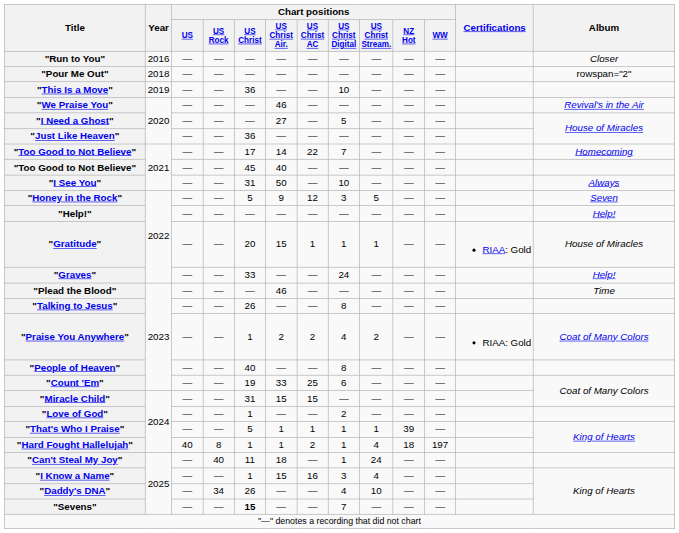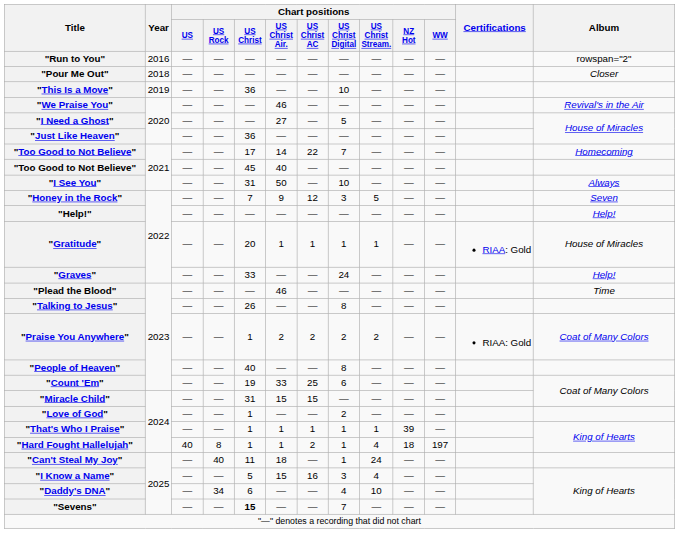 <table class="wikitable plainrowheaders" style="text-align:center;">
 <tr>
 <th scope="col" rowspan="2" style="width:14em;">Title</th>
 <th scope="col" rowspan="2">Year</th>
 <th colspan="9" scope="col">Chart positions</th>
 <th scope="col" rowspan="2"><a href='#'>Certifications</a></th>
 <th scope="col" rowspan="2" style="width:14em;">Album</th>
 </tr>
 <tr style="font-size:smaller;">
 <th scope="col" width="45"><a href='#'>US</a><br></th>
 <th scope="col" width="45"><a href='#'>US<br>Rock</a><br></th>
 <th scope="col" width="45"><a href='#'>US<br>Christ</a><br></th>
 <th scope="col" width="45"><a href='#'>US<br>Christ Air.</a><br></th>
 <th scope="col" width="45"><a href='#'>US<br>Christ AC</a><br></th>
 <th scope="col" width="45"><a href='#'>US<br>Christ<br>Digital</a><br></th>
 <th scope="col" width="45"><a href='#'>US<br>Christ<br>Stream.</a><br></th>
 <th scope="col" width="45"><a href='#'>NZ<br>Hot</a><br></th>
 <th scope="col" width="45"><a href='#'>WW</a><br></th>
 </tr>
 <tr>
 <th scope="row">"Run to You"</th>
 <td>2016</td>
 <td>—</td>
 <td>—</td>
 <td>—</td>
 <td>—</td>
 <td>—</td>
 <td>—</td>
 <td>—</td>
 <td>—</td>
 <td>—</td>
 <td></td>
-<td><em>Closer</em></td>
+<td>rowspan="2" </td>
 </tr>
 <tr>
 <th scope="row">"Pour Me Out"</th>
 <td>2018</td>
 <td>—</td>
 <td>—</td>
 <td>—</td>
 <td>—</td>
 <td>—</td>
 <td>—</td>
 <td>—</td>
 <td>—</td>
 <td>—</td>
 <td></td>
-<td>rowspan="2" </td>
+<td><em>Closer</em></td>
 </tr>
 <tr>
 <th scope="row">"<a href='#'>This Is a Move</a>"</th>
 <td>2019</td>
 <td>—</td>
 <td>—</td>
 <td>36</td>
 <td>—</td>
 <td>—</td>
 <td>10</td>
 <td>—</td>
 <td>—</td>
 <td>—</td>
 <td></td>
 </tr>
 <tr>
 <th scope="row">"<a href='#'>We Praise You</a>" <br></th>
 <td rowspan="3">2020</td>
 <td>—</td>
 <td>—</td>
 <td>—</td>
 <td>46</td>
 <td>—</td>
 <td>—</td>
 <td>—</td>
 <td>—</td>
 <td>—</td>
 <td></td>
 <td><em><a href='#'>Revival's in the Air</a></em></td>
 </tr>
 <tr>
 <th scope="row">"<a href='#'>I Need a Ghost</a>"</th>
 <td>—</td>
 <td>—</td>
 <td>—</td>
 <td>27</td>
 <td>—</td>
 <td>5</td>
 <td>—</td>
 <td>—</td>
 <td>—</td>
 <td></td>
 <td rowspan="2"><em><a href='#'>House of Miracles</a></em></td>
 </tr>
 <tr>
 <th scope="row">"<a href='#'>Just Like Heaven</a>"</th>
 <td>—</td>
 <td>—</td>
 <td>36</td>
 <td>—</td>
 <td>—</td>
 <td>—</td>
 <td>—</td>
 <td>—</td>
 <td>—</td>
 <td></td>
 </tr>
 <tr>
 <th scope="row">"<a href='#'>Too Good to Not Believe</a>" <br></th>
 <td rowspan="3">2021</td>
 <td>—</td>
 <td>—</td>
 <td>17</td>
 <td>14</td>
 <td>22</td>
 <td>7</td>
 <td>—</td>
 <td>—</td>
 <td>—</td>
 <td></td>
 <td><em><a href='#'>Homecoming</a></em></td>
 </tr>
 <tr>
 <th scope="row">"Too Good to Not Believe" <br></th>
 <td>—</td>
 <td>—</td>
 <td>45</td>
 <td>40</td>
 <td>—</td>
 <td>—</td>
 <td>—</td>
 <td>—</td>
 <td>—</td>
 <td></td>
 <td></td>
 </tr>
 <tr>
 <th scope="row">"<a href='#'>I See You</a>" <br></th>
 <td>—</td>
 <td>—</td>
 <td>31</td>
 <td>50</td>
 <td>—</td>
 <td>10</td>
 <td>—</td>
 <td>—</td>
 <td>—</td>
 <td></td>
 <td><em><a href='#'>Always</a></em></td>
 </tr>
 <tr>
 <th scope="row">"<a href='#'>Honey in the Rock</a>" <br></th>
 <td rowspan="4">2022</td>
 <td>—</td>
 <td>—</td>
-<td>5</td>
+<td>7</td>
 <td>9</td>
 <td>12</td>
 <td>3</td>
 <td>5</td>
 <td>—</td>
 <td>—</td>
 <td></td>
 <td><em><a href='#'>Seven</a></em></td>
 </tr>
 <tr>
 <th scope="row">"Help!"</th>
 <td>—</td>
 <td>—</td>
 <td>—</td>
 <td>—</td>
 <td>—</td>
 <td>—</td>
 <td>—</td>
 <td>—</td>
 <td>—</td>
 <td></td>
 <td><em><a href='#'>Help!</a></em></td>
 </tr>
 <tr>
 <th scope="row">"<a href='#'>Gratitude</a>"</th>
 <td>—</td>
 <td>—</td>
 <td>20</td>
-<td>15</td>
+<td>1</td>
 <td>1</td>
 <td>1</td>
 <td>1</td>
 <td>—</td>
 <td>—</td>
 <td><br><ul><li><a href='#'>RIAA</a>: Gold</li></ul></td>
 <td><em>House of Miracles</em></td>
 </tr>
 <tr>
 <th scope="row">"<a href='#'>Graves</a>" <br></th>
 <td>—</td>
 <td>—</td>
 <td>33</td>
 <td>—</td>
 <td>—</td>
 <td>24</td>
 <td>—</td>
 <td>—</td>
 <td>—</td>
 <td></td>
 <td><em><a href='#'>Help!</a></em></td>
 </tr>
 <tr>
 <th scope="row">"Plead the Blood" <br></th>
 <td rowspan="5">2023</td>
 <td>—</td>
 <td>—</td>
 <td>—</td>
 <td>46</td>
 <td>—</td>
 <td>—</td>
 <td>—</td>
 <td>—</td>
 <td>—</td>
 <td></td>
 <td><em>Time</em></td>
 </tr>
 <tr>
 <th scope="row">"<a href='#'>Talking to Jesus</a>" <br></th>
 <td>—</td>
 <td>—</td>
 <td>26</td>
 <td>—</td>
 <td>—</td>
 <td>8</td>
 <td>—</td>
 <td>—</td>
 <td>—</td>
 <td></td>
 <td></td>
 </tr>
 <tr>
 <th scope="row">"<a href='#'>Praise You Anywhere</a>"</th>
 <td>—</td>
 <td>—</td>
 <td>1</td>
 <td>2</td>
 <td>2</td>
-<td>4</td>
+<td>2</td>
 <td>2</td>
 <td>—</td>
 <td>—</td>
 <td><br><ul><li>RIAA: Gold</li></ul></td>
 <td><em><a href='#'>Coat of Many Colors</a></em></td>
 </tr>
 <tr>
 <th scope="row">"<a href='#'>People of Heaven</a>" <br></th>
 <td>—</td>
 <td>—</td>
 <td>40</td>
 <td>—</td>
 <td>—</td>
 <td>8</td>
 <td>—</td>
 <td>—</td>
 <td>—</td>
 <td></td>
 <td></td>
 </tr>
 <tr>
 <th scope="row">"<a href='#'>Count 'Em</a>"</th>
 <td>—</td>
 <td>—</td>
 <td>19</td>
 <td>33</td>
 <td>25</td>
 <td>6</td>
 <td>—</td>
 <td>—</td>
 <td>—</td>
 <td></td>
 <td rowspan="2"><em>Coat of Many Colors</em></td>
 </tr>
 <tr>
 <th scope="row">"<a href='#'>Miracle Child</a>"</th>
 <td rowspan="4">2024</td>
 <td>—</td>
 <td>—</td>
 <td>31</td>
 <td>15</td>
 <td>15</td>
 <td>—</td>
 <td>—</td>
 <td>—</td>
 <td>—</td>
 <td></td>
 </tr>
 <tr>
 <th scope="row">"<a href='#'>Love of God</a>" <br></th>
 <td>—</td>
 <td>—</td>
 <td>1</td>
 <td>—</td>
 <td>—</td>
 <td>2</td>
 <td>—</td>
 <td>—</td>
 <td>—</td>
 <td></td>
 <td></td>
 </tr>
 <tr>
 <th scope="row">"<a href='#'>That's Who I Praise</a>"</th>
 <td>—</td>
 <td>—</td>
-<td>5</td>
+<td>1</td>
 <td>1</td>
 <td>1</td>
 <td>1</td>
 <td>1</td>
 <td>39</td>
 <td>—</td>
 <td></td>
 <td rowspan="2"><em><a href='#'>King of Hearts</a></em></td>
 </tr>
 <tr>
 <th scope="row">"<a href='#'>Hard Fought Hallelujah</a>"<br></th>
 <td>40</td>
 <td>8</td>
 <td>1</td>
 <td>1</td>
 <td>2</td>
 <td>1</td>
 <td>4</td>
 <td>18</td>
 <td>197</td>
 <td></td>
 </tr>
 <tr>
 <th scope="row">"<a href='#'>Can't Steal My Joy</a>"<br></th>
 <td rowspan="4">2025</td>
 <td>—</td>
 <td>40</td>
 <td>11</td>
 <td>18</td>
 <td>—</td>
 <td>1</td>
 <td>24</td>
 <td>—</td>
 <td>—</td>
 <td></td>
 <td></td>
 </tr>
 <tr>
 <th scope="row">"<a href='#'>I Know a Name</a>"<br></th>
 <td>—</td>
 <td>—</td>
-<td>1</td>
+<td>5</td>
 <td>15</td>
 <td>16</td>
 <td>3</td>
 <td>4</td>
 <td>—</td>
 <td>—</td>
 <td></td>
 <td rowspan="3"><em>King of Hearts</em></td>
 </tr>
 <tr>
 <th scope="row">"<a href='#'>Daddy's DNA</a>"</th>
 <td>—</td>
 <td>34</td>
-<td>26</td>
+<td>6</td>
 <td>—</td>
 <td>—</td>
 <td>4</td>
 <td>10</td>
 <td>—</td>
 <td>—</td>
 <td></td>
 </tr>
 <tr>
 <th scope="row">"Sevens"</th>
 <td>—</td>
 <td>—</td>
 <td><strong>15</strong></td>
 <td>—</td>
 <td>—</td>
 <td>7</td>
 <td>—</td>
 <td>—</td>
 <td>—</td>
 <td></td>
 </tr>
 <tr>
 <td colspan="13" style="font-size:90%">"—" denotes a recording that did not chart</td>
 </tr>
 </table>
